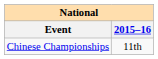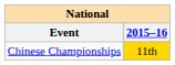 <table class="wikitable" style="text-align:center">
 <tr>
 <th style="background-color: #ffdead; " colspan=2 align=center>National</th>
 </tr>
 <tr>
 <th>Event</th>
 <th><a href='#'>2015–16</a></th>
 </tr>
 <tr>
 <td align=left><a href='#'>Chinese Championships</a></td>
-<td>11th</td>
+<td style="background: gold;">11th</td>
 </tr>
 </table>
